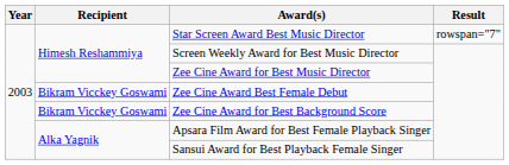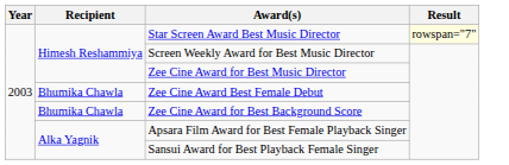 <table class="wikitable sortable">
 <tr>
 <th>Year</th>
 <th>Recipient</th>
 <th>Award(s)</th>
 <th>Result</th>
 </tr>
 <tr>
 <td rowspan= 7>2003</td>
 <td rowspan="3"><a href='#'>Himesh Reshammiya</a></td>
 <td><a href='#'>Star Screen Award Best Music Director</a></td>
-<td>rowspan="7"</td>
+<td style="background: lightyellow;">rowspan="7"</td>
 </tr>
 <tr>
 <td>Screen Weekly Award for Best Music Director</td>
 </tr>
 <tr>
 <td><a href='#'>Zee Cine Award for Best Music Director</a></td>
 </tr>
 <tr>
-<td><a href='#'>Bikram Vicckey Goswami</a></td>
+<td><a href='#'>Bhumika Chawla</a></td>
 <td><a href='#'>Zee Cine Award Best Female Debut</a></td>
 </tr>
 <tr>
-<td><a href='#'>Bikram Vicckey Goswami</a></td>
+<td><a href='#'>Bhumika Chawla</a></td>
 <td><a href='#'>Zee Cine Award for Best Background Score</a></td>
 </tr>
 <tr>
 <td rowspan="2"><a href='#'>Alka Yagnik</a></td>
 <td>Apsara Film Award for Best Female Playback Singer</td>
 </tr>
 <tr>
 <td>Sansui Award for Best Playback Female Singer</td>
 </tr>
 </table>
